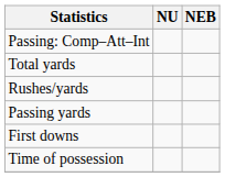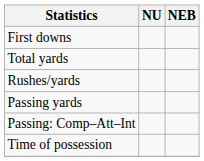 <table class="wikitable" style="float: left;">
 <tr>
 <th>Statistics</th>
 <th>NU</th>
 <th>NEB</th>
 </tr>
 <tr>
-<td>Passing: Comp–Att–Int</td>
+<td>First downs</td>
 <td></td>
 <td></td>
 </tr>
 <tr>
 <td>Total yards</td>
 <td></td>
 <td></td>
 </tr>
 <tr>
 <td>Rushes/yards</td>
 <td></td>
 <td></td>
 </tr>
 <tr>
 <td>Passing yards</td>
 <td></td>
 <td></td>
 </tr>
 <tr>
-<td>First downs</td>
+<td>Passing: Comp–Att–Int</td>
 <td></td>
 <td></td>
 </tr>
 <tr>
 <td>Time of possession</td>
 <td></td>
 <td></td>
 </tr>
 <tr>
 </tr>
 </table>
